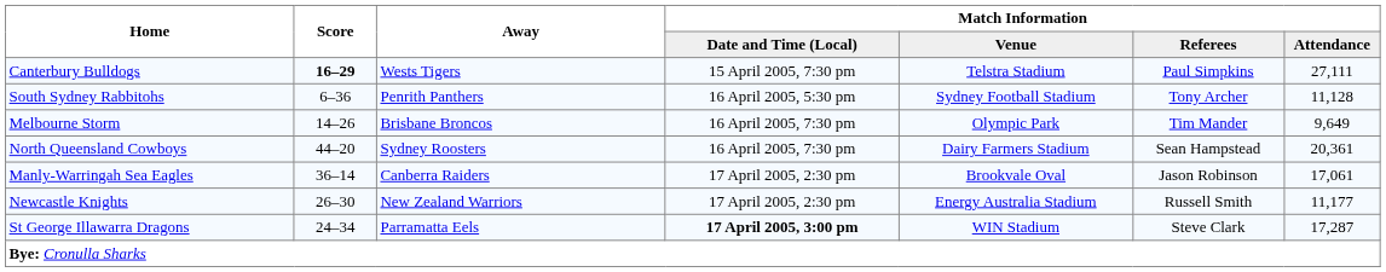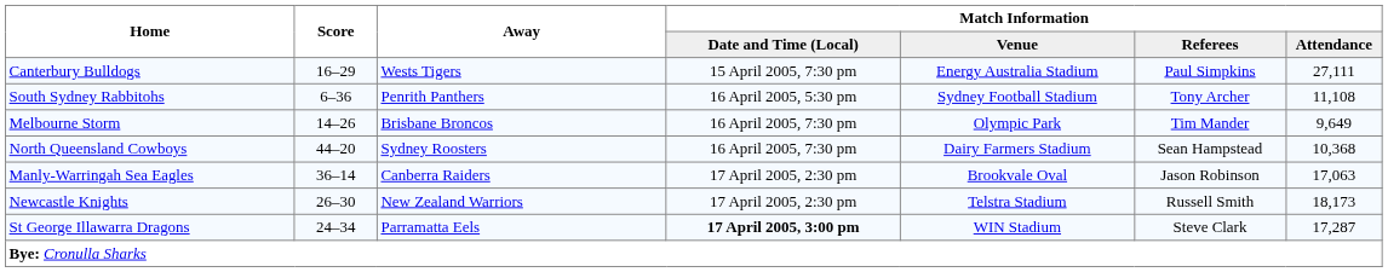 <table border="1" cellpadding="3" cellspacing="O" style="border-collapse:collapse; font-size:90%; width:100%;">
 <tr style="background:#cld8ff;">
 <th rowspan=2 style="width:21%;">Home</th>
 <th rowspan=2 style="width:6%;">Score</th>
 <th rowspan=2 style="width:21%;">Away</th>
 <th colspan=6>Match Information</th>
 </tr>
 <tr style="background:#efefef;">
 <th width=17%>Date and Time (Local)</th>
 <th width=17%>Venue</th>
 <th width=11%>Referees</th>
 <th width=7%>Attendance</th>
 </tr>
 <tr style="text-align:center; background:#f5faff">
 <td align=left> <a href='#'>Canterbury Bulldogs</a></td>
-<td><strong>16–29</strong></td>
+<td>16–29</td>
 <td align=left> <a href='#'>Wests Tigers</a></td>
 <td>15 April 2005, 7:30 pm</td>
-<td><a href='#'>Telstra Stadium</a></td>
+<td><a href='#'>Energy Australia Stadium</a></td>
 <td><a href='#'>Paul Simpkins</a></td>
 <td>27,111</td>
 </tr>
 <tr style="text-align:center; background:#f5faff">
 <td align=left> <a href='#'>South Sydney Rabbitohs</a></td>
 <td>6–36</td>
 <td align=left> <a href='#'>Penrith Panthers</a></td>
 <td>16 April 2005, 5:30 pm</td>
 <td><a href='#'>Sydney Football Stadium</a></td>
 <td><a href='#'>Tony Archer</a></td>
-<td>11,128</td>
+<td>11,108</td>
 </tr>
 <tr style="text-align:center; background:#f5faff">
 <td align=left> <a href='#'>Melbourne Storm</a></td>
 <td>14–26</td>
 <td align=left> <a href='#'>Brisbane Broncos</a></td>
 <td>16 April 2005, 7:30 pm</td>
 <td><a href='#'>Olympic Park</a></td>
 <td><a href='#'>Tim Mander</a></td>
 <td>9,649</td>
 </tr>
 <tr style="text-align:center; background:#f5faff">
 <td align=left> <a href='#'>North Queensland Cowboys</a></td>
 <td>44–20</td>
 <td align=left> <a href='#'>Sydney Roosters</a></td>
 <td>16 April 2005, 7:30 pm</td>
 <td><a href='#'>Dairy Farmers Stadium</a></td>
 <td>Sean Hampstead</td>
-<td>20,361</td>
+<td>10,368</td>
 </tr>
 <tr style="text-align:center; background:#f5faff">
 <td align=left> <a href='#'>Manly-Warringah Sea Eagles</a></td>
 <td>36–14</td>
 <td align=left> <a href='#'>Canberra Raiders</a></td>
 <td>17 April 2005, 2:30 pm</td>
 <td><a href='#'>Brookvale Oval</a></td>
 <td>Jason Robinson</td>
-<td>17,061</td>
+<td>17,063</td>
 </tr>
 <tr style="text-align:center; background:#f5faff">
 <td align=left> <a href='#'>Newcastle Knights</a></td>
 <td>26–30</td>
 <td align=left> <a href='#'>New Zealand Warriors</a></td>
 <td>17 April 2005, 2:30 pm</td>
-<td><a href='#'>Energy Australia Stadium</a></td>
+<td><a href='#'>Telstra Stadium</a></td>
 <td>Russell Smith</td>
-<td>11,177</td>
+<td>18,173</td>
 </tr>
 <tr style="text-align:center; background:#f5faff">
 <td align=left> <a href='#'>St George Illawarra Dragons</a></td>
 <td>24–34</td>
 <td align=left> <a href='#'>Parramatta Eels</a></td>
 <td><strong>17 April 2005, 3:00 pm</strong></td>
 <td><a href='#'>WIN Stadium</a></td>
 <td>Steve Clark</td>
 <td>17,287</td>
 </tr>
 <tr>
 <td colspan=7 style=″text-align:left;”><strong>Bye:</strong>  <em><a href='#'>Cronulla Sharks</a></em></td>
 </tr>
 </table>
